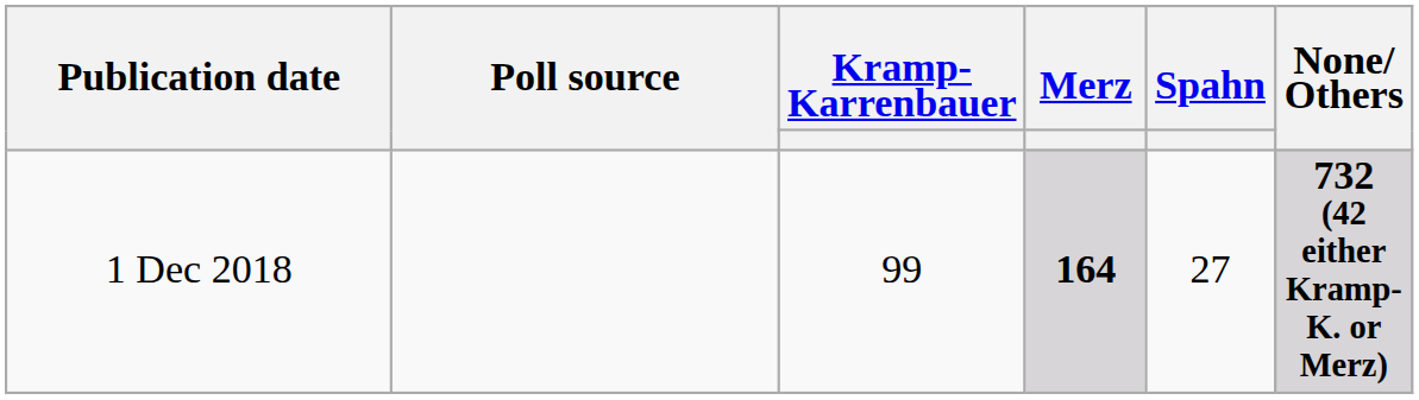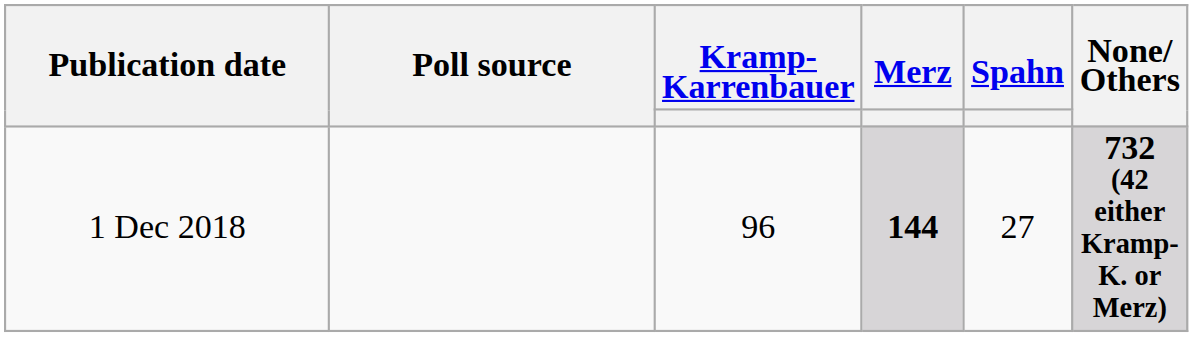 <table class="wikitable" style="text-align:center; font-size:100%; line-height:14px;">
 <tr style="height:42px;">
 <th style="width:145px;" rowspan="2">Publication date</th>
 <th style="width:145px;" rowspan="2">Poll source</th>
 <th style="width:40px;"><br><a href='#'>Kramp-Karrenbauer</a></th>
 <th style="width:40px;"><br><a href='#'>Merz</a><br></th>
 <th style="width:40px;"><br><a href='#'>Spahn</a></th>
 <th style="width:40px;" rowspan="2">None/<br>Others</th>
 </tr>
 <tr>
 <th style="color:inherit;background:"></th>
 <th style="color:inherit;background:"></th>
 <th style="color:inherit;background:"></th>
 </tr>
 <tr>
 <td>1 Dec 2018</td>
 <td></td>
-<td>99</td>
-<td style="background:#D7D5D7"><strong>164</strong></td>
+<td>96</td>
+<td style="background:#D7D5D7"><strong>144</strong></td>
 <td>27</td>
 <td style="background:#D7D5D7"><strong>732<br><small>(42 either Kramp-K. or Merz)</small></strong></td>
 </tr>
 </table>
